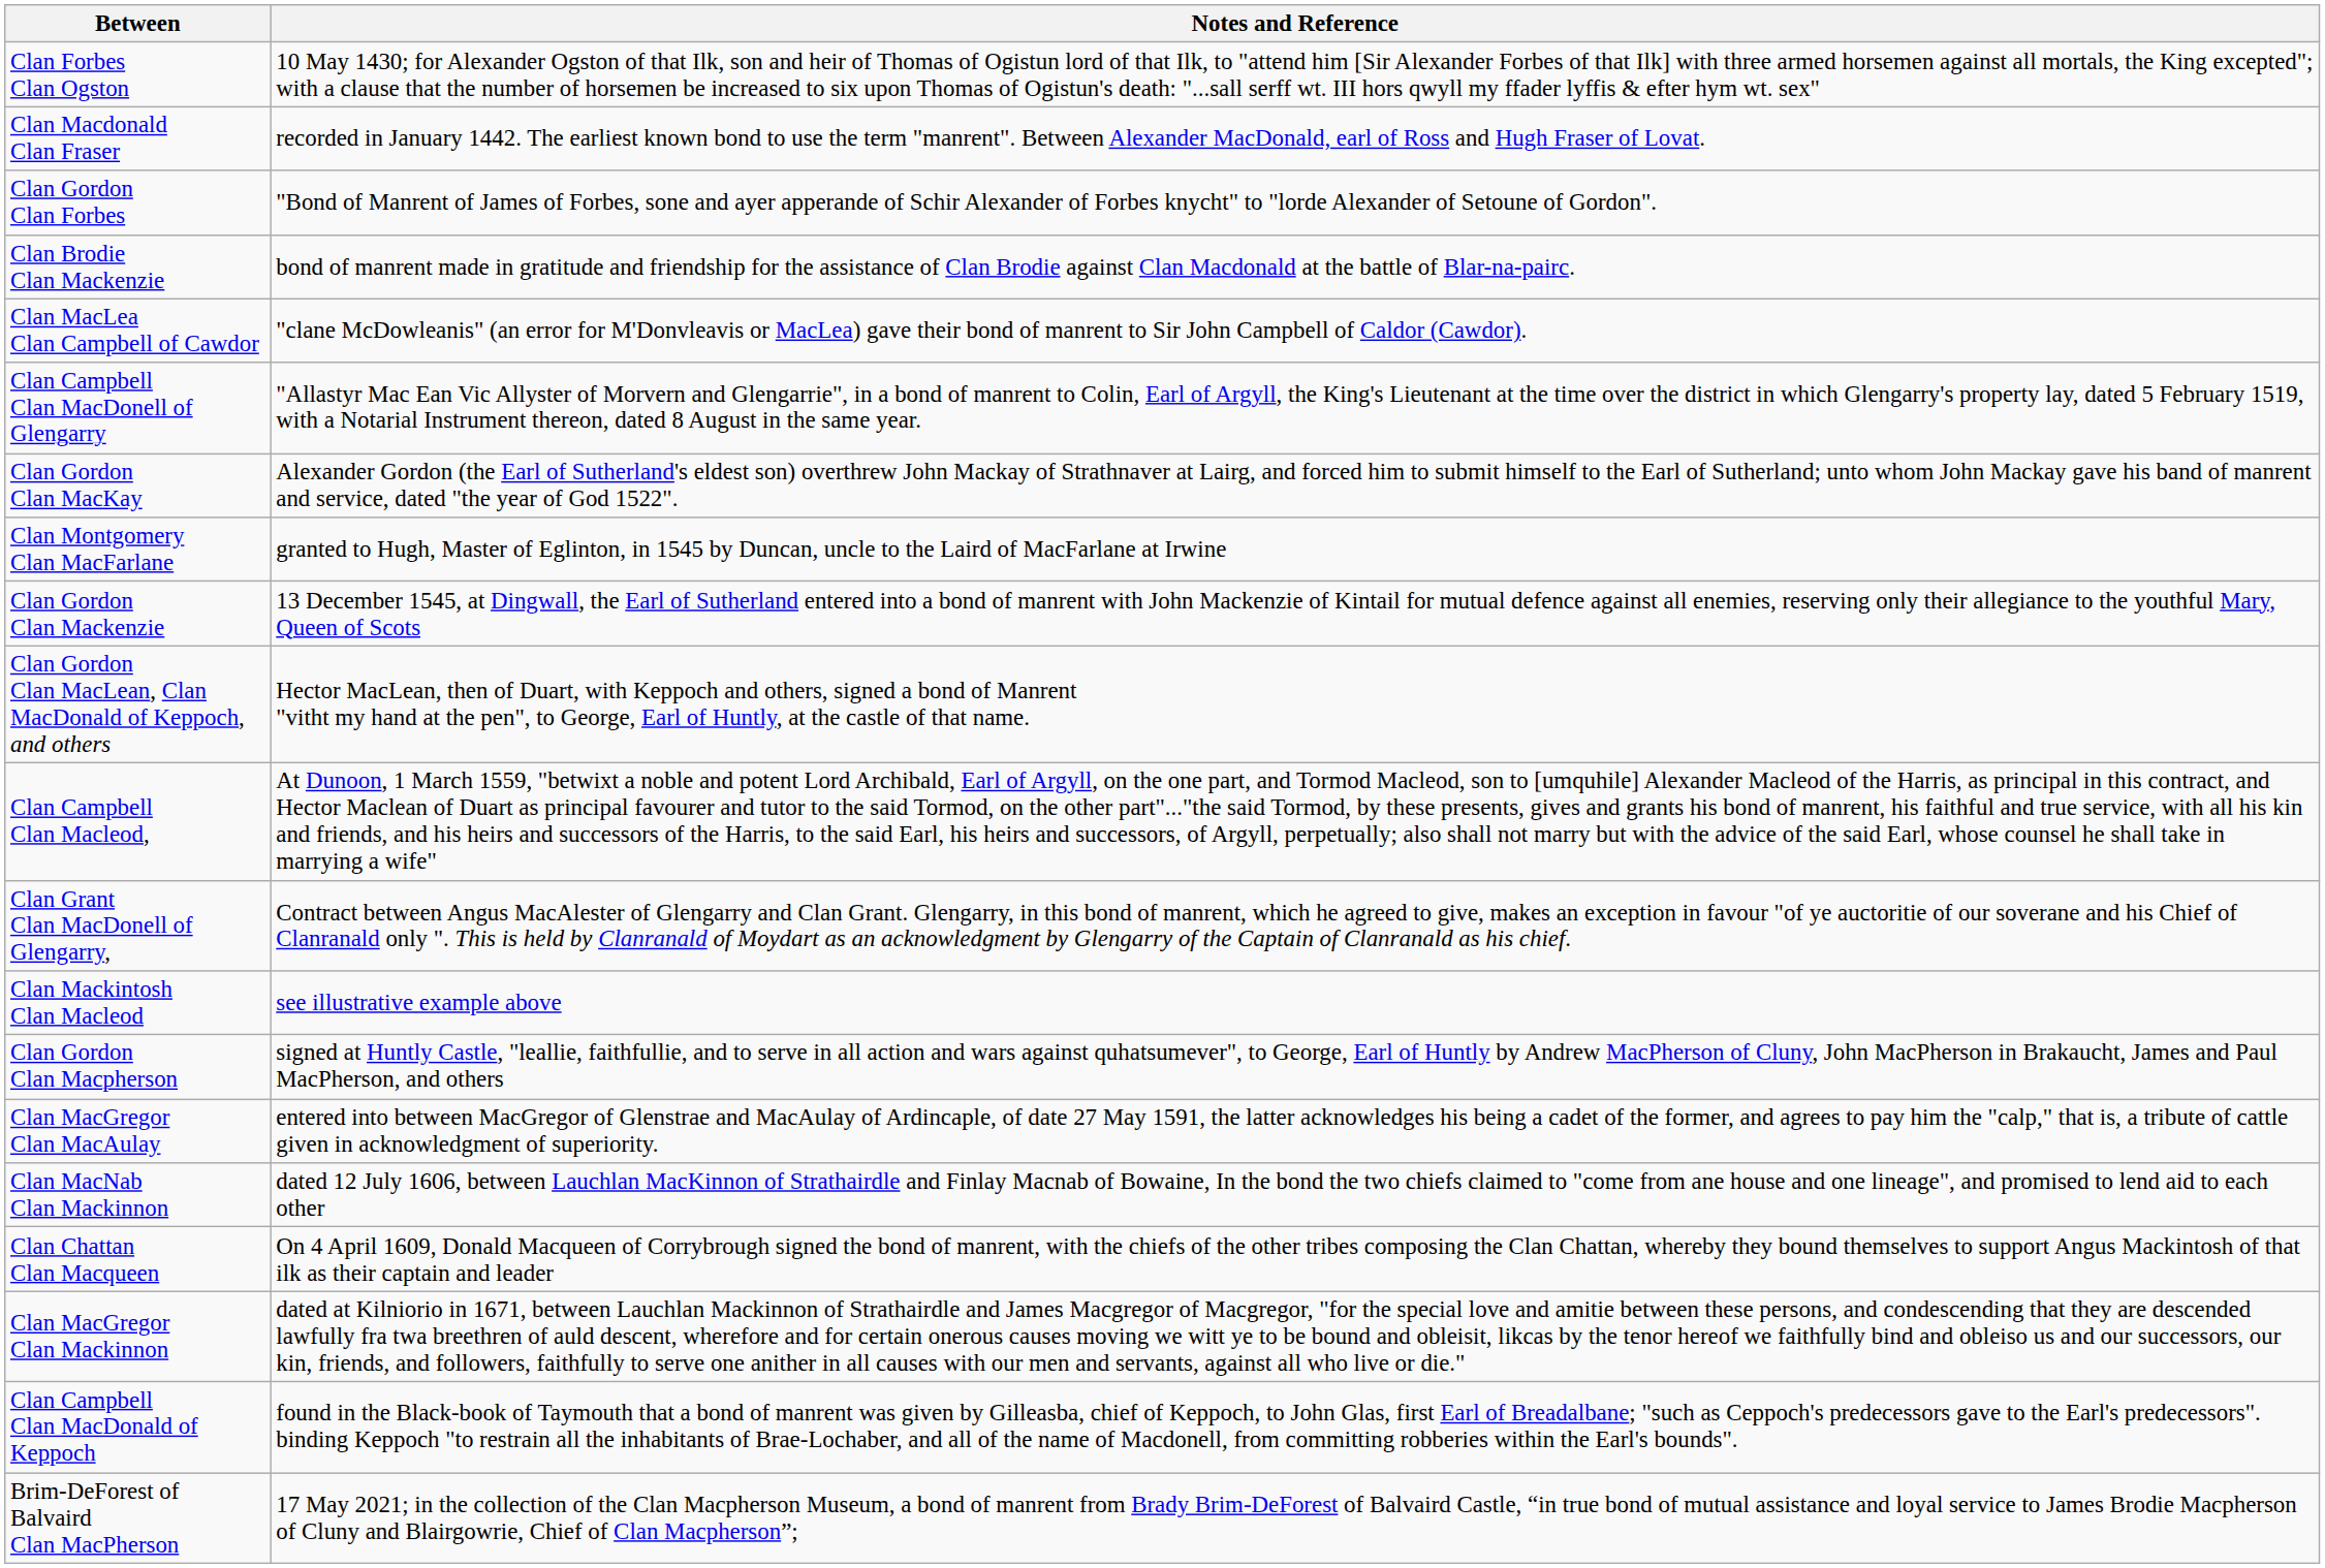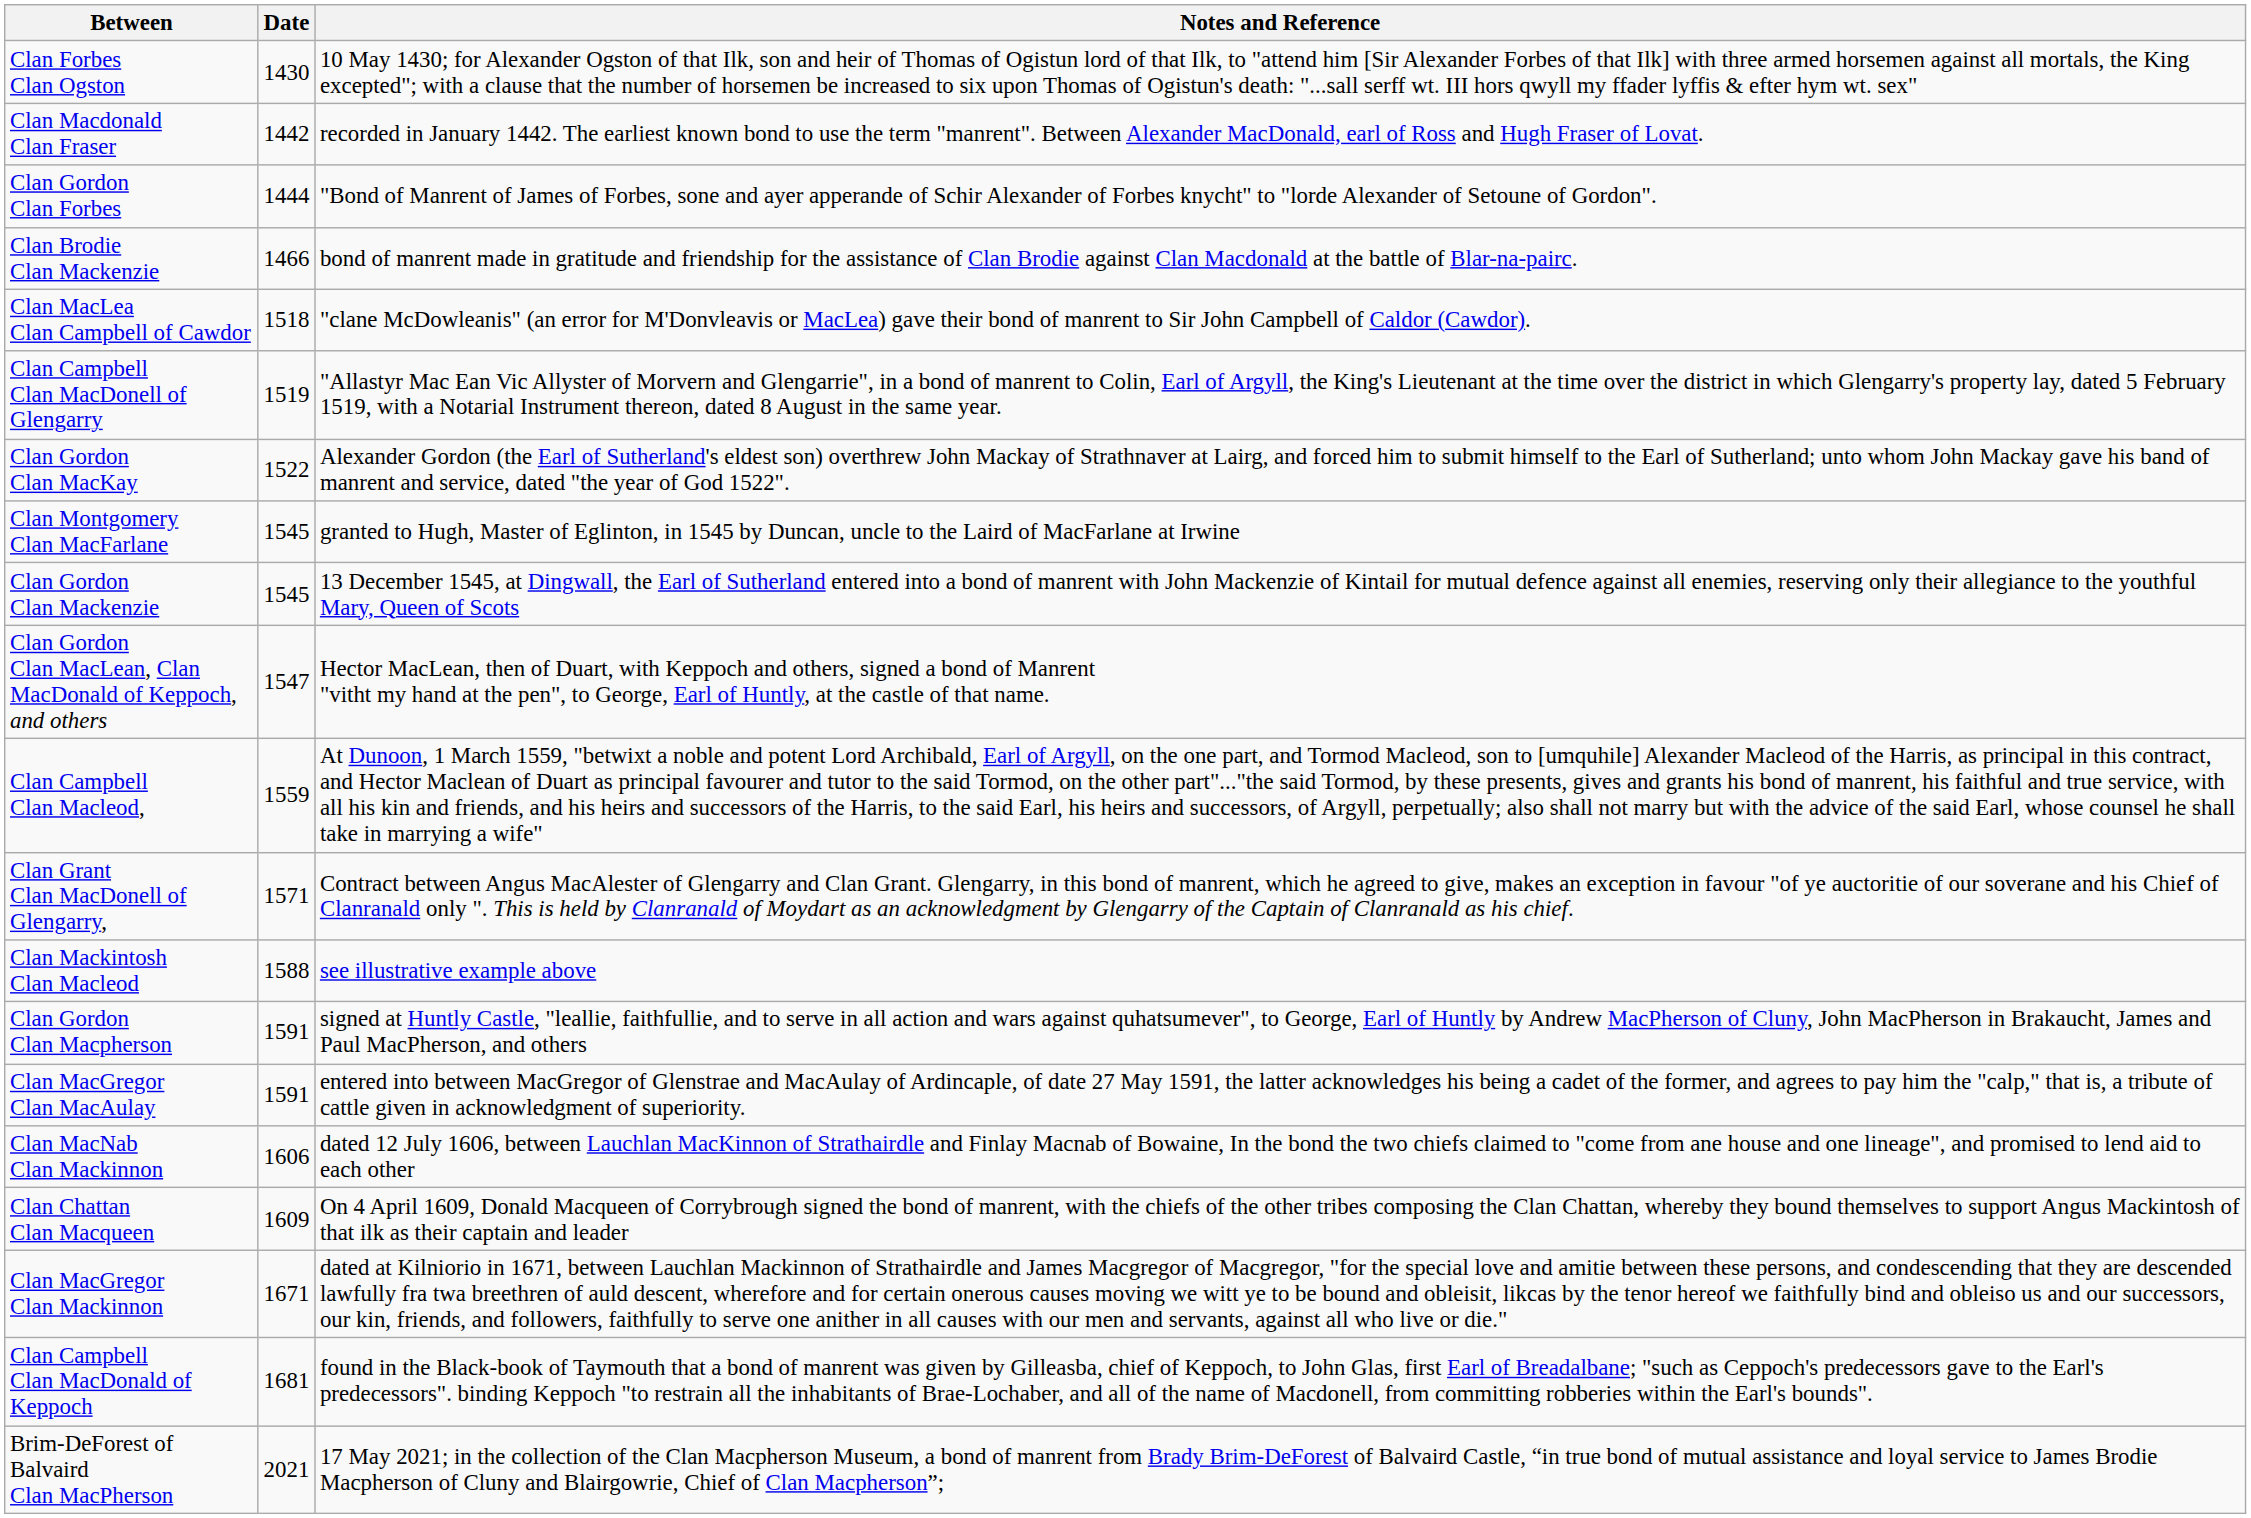 <table class="wikitable">
 <tr>
 <th>Between</th>
+<th>Date</th>
 <th>Notes and Reference</th>
 </tr>
 <tr>
 <td><a href='#'>Clan Forbes</a><br><a href='#'>Clan Ogston</a></td>
+<td>1430</td>
 <td>10 May 1430; for Alexander Ogston of that Ilk, son and heir of Thomas of Ogistun lord of that Ilk, to "attend him [Sir Alexander Forbes of that Ilk] with three armed horsemen against all mortals, the King excepted"; with a clause that the number of horsemen be increased to six upon Thomas of Ogistun's death: "...sall serff wt. III hors qwyll my ffader lyffis & efter hym wt. sex"</td>
 </tr>
 <tr>
 <td><a href='#'>Clan Macdonald</a><br><a href='#'>Clan Fraser</a></td>
+<td>1442</td>
 <td>recorded in January 1442. The earliest known bond to use the term "manrent". Between <a href='#'>Alexander MacDonald, earl of Ross</a> and <a href='#'>Hugh Fraser of Lovat</a>.</td>
 </tr>
 <tr>
 <td><a href='#'>Clan Gordon</a><br><a href='#'>Clan Forbes</a></td>
+<td>1444</td>
 <td>"Bond of Manrent of James of Forbes, sone and ayer apperande of Schir Alexander of Forbes knycht" to "lorde Alexander of Setoune of Gordon".</td>
 </tr>
 <tr>
 <td><a href='#'>Clan Brodie</a><br><a href='#'>Clan Mackenzie</a></td>
+<td>1466</td>
 <td>bond of manrent made in gratitude and friendship for the assistance of <a href='#'>Clan Brodie</a> against <a href='#'>Clan Macdonald</a> at the battle of <a href='#'>Blar-na-pairc</a>.</td>
 </tr>
 <tr>
 <td><a href='#'>Clan MacLea</a><br><a href='#'>Clan Campbell of Cawdor</a></td>
+<td>1518</td>
 <td>"clane McDowleanis" (an error for M'Donvleavis or <a href='#'>MacLea</a>) gave their bond of manrent to Sir John Campbell of <a href='#'>Caldor (Cawdor)</a>.</td>
 </tr>
 <tr>
 <td><a href='#'>Clan Campbell</a><br><a href='#'>Clan MacDonell of Glengarry</a></td>
+<td>1519</td>
 <td>"Allastyr Mac Ean Vic Allyster of Morvern and Glengarrie", in a bond of manrent to Colin, <a href='#'>Earl of Argyll</a>, the King's Lieutenant at the time over the district in which Glengarry's property lay, dated 5 February 1519, with a Notarial Instrument thereon, dated 8 August in the same year.</td>
 </tr>
 <tr>
 <td><a href='#'>Clan Gordon</a><br><a href='#'>Clan MacKay</a></td>
+<td>1522</td>
 <td>Alexander Gordon (the <a href='#'>Earl of Sutherland</a>'s eldest son) overthrew John Mackay of Strathnaver at Lairg, and forced him to submit himself to the Earl of Sutherland; unto whom John Mackay gave his band of manrent and service, dated "the year of God 1522".</td>
 </tr>
 <tr>
 <td><a href='#'>Clan Montgomery</a><br><a href='#'>Clan MacFarlane</a></td>
+<td>1545</td>
 <td>granted to Hugh, Master of Eglinton, in 1545 by Duncan, uncle to the Laird of MacFarlane at Irwine</td>
 </tr>
 <tr>
 <td><a href='#'>Clan Gordon</a><br><a href='#'>Clan Mackenzie</a></td>
+<td>1545</td>
 <td>13 December 1545, at <a href='#'>Dingwall</a>, the <a href='#'>Earl of Sutherland</a> entered into a bond of manrent with John Mackenzie of Kintail for mutual defence against all enemies, reserving only their allegiance to the youthful <a href='#'>Mary, Queen of Scots</a></td>
 </tr>
 <tr>
 <td><a href='#'>Clan Gordon</a><br><a href='#'>Clan MacLean</a>, <a href='#'>Clan MacDonald of Keppoch</a>, <em>and others</em></td>
+<td>1547</td>
 <td>Hector MacLean, then of Duart, with Keppoch and others, signed a bond of Manrent<br>"vitht my hand at the pen", to George, <a href='#'>Earl of Huntly</a>, at the castle of that name.</td>
 </tr>
 <tr>
 <td><a href='#'>Clan Campbell</a><br><a href='#'>Clan Macleod</a>,</td>
+<td>1559</td>
 <td>At <a href='#'>Dunoon</a>, 1 March 1559, "betwixt a noble and potent Lord Archibald, <a href='#'>Earl of Argyll</a>, on the one part, and Tormod Macleod, son to [umquhile] Alexander Macleod of the Harris, as principal in this contract, and Hector Maclean of Duart as principal favourer and tutor to the said Tormod, on the other part"..."the said Tormod, by these presents, gives and grants his bond of manrent, his faithful and true service, with all his kin and friends, and his heirs and successors of the Harris, to the said Earl, his heirs and successors, of Argyll, perpetually; also shall not marry but with the advice of the said Earl, whose counsel he shall take in marrying a wife"</td>
 </tr>
 <tr>
 <td><a href='#'>Clan Grant</a><br><a href='#'>Clan MacDonell of Glengarry</a>,</td>
+<td>1571</td>
 <td>Contract between Angus MacAlester of Glengarry and Clan Grant. Glengarry, in this bond of manrent, which he agreed to give, makes an exception in favour "of ye auctoritie of our soverane and his Chief of <a href='#'>Clanranald</a> only ".<em> This is held by <a href='#'>Clanranald</a> of Moydart as an acknowledgment by Glengarry of the Captain of Clanranald as his chief</em>.</td>
 </tr>
 <tr>
 <td><a href='#'>Clan Mackintosh</a><br><a href='#'>Clan Macleod</a></td>
+<td>1588</td>
 <td><a href='#'>see illustrative example above</a></td>
 </tr>
 <tr>
 <td><a href='#'>Clan Gordon</a><br><a href='#'>Clan Macpherson</a></td>
+<td>1591</td>
 <td>signed at <a href='#'>Huntly Castle</a>, "leallie, faithfullie, and to serve in all action and wars against quhatsumever", to George, <a href='#'>Earl of Huntly</a> by Andrew <a href='#'>MacPherson of Cluny</a>, John MacPherson in Brakaucht, James and Paul MacPherson, and others</td>
 </tr>
 <tr>
 <td><a href='#'>Clan MacGregor</a><br><a href='#'>Clan MacAulay</a></td>
+<td>1591</td>
 <td>entered into between MacGregor of Glenstrae and MacAulay of Ardincaple, of date 27 May 1591, the latter acknowledges his being a cadet of the former, and agrees to pay him the "calp," that is, a tribute of cattle given in acknowledgment of superiority.</td>
 </tr>
 <tr>
 <td><a href='#'>Clan MacNab</a><br><a href='#'>Clan Mackinnon</a></td>
+<td>1606</td>
 <td>dated 12 July 1606, between <a href='#'>Lauchlan MacKinnon of Strathairdle</a> and Finlay Macnab of Bowaine, In the bond the two chiefs claimed to "come from ane house and one lineage", and promised to lend aid to each other</td>
 </tr>
 <tr>
 <td><a href='#'>Clan Chattan</a><br><a href='#'>Clan Macqueen</a></td>
+<td>1609</td>
 <td>On 4 April 1609, Donald Macqueen of Corrybrough signed the bond of manrent, with the chiefs of the other tribes composing the Clan Chattan, whereby they bound themselves to support Angus Mackintosh of that ilk as their captain and leader</td>
 </tr>
 <tr>
 <td><a href='#'>Clan MacGregor</a><br><a href='#'>Clan Mackinnon</a></td>
+<td>1671</td>
 <td>dated at Kilniorio in 1671, between Lauchlan Mackinnon of Strathairdle and James Macgregor of Macgregor, "for the special love and amitie between these persons, and condescending that they are descended lawfully fra twa breethren of auld descent, wherefore and for certain onerous causes moving we witt ye to be bound and obleisit, likcas by the tenor hereof we faithfully bind and obleiso us and our successors, our kin, friends, and followers, faithfully to serve one anither in all causes with our men and servants, against all who live or die."</td>
 </tr>
 <tr>
 <td><a href='#'>Clan Campbell</a><br><a href='#'>Clan MacDonald of Keppoch</a></td>
+<td>1681</td>
 <td>found in the Black-book of Taymouth that a bond of manrent was given by Gilleasba, chief of Keppoch, to John Glas, first <a href='#'>Earl of Breadalbane</a>; "such as Ceppoch's predecessors gave to the Earl's predecessors". binding Keppoch "to restrain all the inhabitants of Brae-Lochaber, and all of the name of Macdonell, from committing robberies within the Earl's bounds".</td>
 </tr>
 <tr>
 <td>Brim-DeForest of Balvaird<br><a href='#'>Clan MacPherson</a></td>
+<td>2021</td>
 <td>17 May 2021; in the collection of the Clan Macpherson Museum, a bond of manrent from <a href='#'>Brady Brim-DeForest</a> of Balvaird Castle, “in true bond of mutual assistance and loyal service to James Brodie Macpherson of Cluny and Blairgowrie, Chief of <a href='#'>Clan Macpherson</a>”; </td>
 </tr>
 </table>
